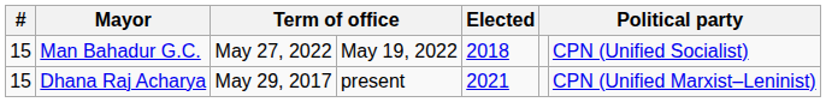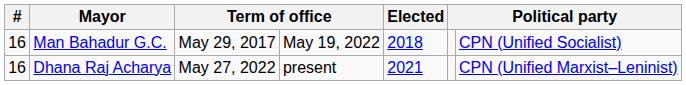 <table class="wikitable">
 <tr>
 <th>#</th>
 <th>Mayor</th>
 <th colspan="2">Term of office</th>
 <th>Elected</th>
 <th colspan="2">Political party</th>
 </tr>
 <tr>
-<td>15</td>
+<td>16</td>
 <td><a href='#'>Man Bahadur G.C.</a></td>
-<td>May 27, 2022</td>
+<td>May 29, 2017</td>
 <td>May 19, 2022</td>
 <td><a href='#'>2018</a></td>
 <td></td>
 <td><a href='#'>CPN (Unified Socialist)</a></td>
 </tr>
 <tr>
-<td>15</td>
+<td>16</td>
 <td><a href='#'>Dhana Raj Acharya</a></td>
-<td>May 29, 2017</td>
+<td>May 27, 2022</td>
 <td>present</td>
 <td><a href='#'>2021</a></td>
 <td></td>
 <td><a href='#'>CPN (Unified Marxist–Leninist)</a></td>
 </tr>
 </table>
